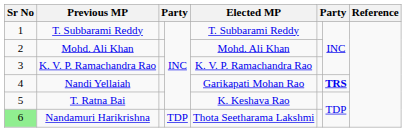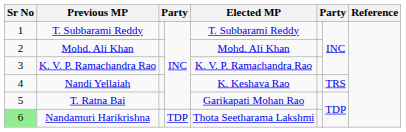 <table class="wikitable">
 <tr>
 <th>Sr No</th>
 <th>Previous MP</th>
 <th colspan=2>Party</th>
 <th>Elected MP</th>
 <th colspan=2>Party</th>
 <th>Reference</th>
 </tr>
 <tr style="text-align:center;">
 <td>1</td>
 <td><a href='#'>T. Subbarami Reddy</a></td>
 <td width="1px"></td>
 <td rowspan=5><a href='#'>INC</a></td>
 <td><a href='#'>T. Subbarami Reddy</a></td>
 <td width="1px"></td>
 <td rowspan=3><a href='#'>INC</a></td>
 <td rowspan=6></td>
 </tr>
 <tr style="text-align:center;">
 <td>2</td>
 <td><a href='#'>Mohd. Ali Khan</a></td>
 <td width="1px"></td>
 <td><a href='#'>Mohd. Ali Khan</a></td>
 <td width="1px"></td>
 </tr>
 <tr style="text-align:center;">
 <td>3</td>
 <td><a href='#'>K. V. P. Ramachandra Rao</a></td>
 <td width="1px"></td>
 <td><a href='#'>K. V. P. Ramachandra Rao</a></td>
 <td width="1px"></td>
 </tr>
 <tr style="text-align:center;">
 <td>4</td>
 <td><a href='#'>Nandi Yellaiah</a></td>
 <td width="1px"></td>
-<td><a href='#'>Garikapati Mohan Rao</a></td>
+<td><a href='#'>K. Keshava Rao</a></td>
 <td width="1px"></td>
-<td rowspan=1><strong><a href='#'>TRS</a></strong></td>
+<td rowspan=1><a href='#'>TRS</a></td>
 </tr>
 <tr style="text-align:center;">
 <td>5</td>
 <td><a href='#'>T. Ratna Bai</a></td>
 <td width="1px"></td>
-<td><a href='#'>K. Keshava Rao</a></td>
+<td><a href='#'>Garikapati Mohan Rao</a></td>
 <td width="1px"></td>
 <td rowspan="2"><a href='#'>TDP</a></td>
 </tr>
 <tr style="text-align:center;">
 <td style="background: lightgreen;">6</td>
 <td><a href='#'>Nandamuri Harikrishna</a></td>
 <td width="1px"></td>
 <td><a href='#'>TDP</a></td>
 <td><a href='#'>Thota Seetharama Lakshmi</a></td>
 </tr>
 </table>
